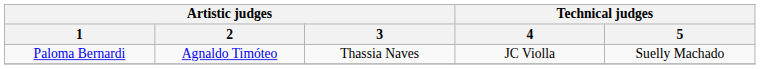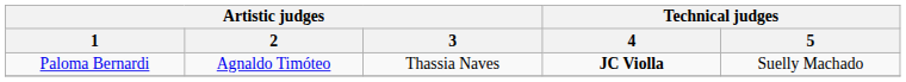 <table class="wikitable" style="font-size:100%; line-height:16px; text-align:center" width="100%">
 <tr>
 <th colspan=3>Artistic judges</th>
 <th colspan=2>Technical judges</th>
 </tr>
 <tr>
 <th>1</th>
 <th>2</th>
 <th>3</th>
 <th>4</th>
 <th>5</th>
 </tr>
 <tr>
 <td width=150><a href='#'>Paloma Bernardi</a></td>
 <td width=150><a href='#'>Agnaldo Timóteo</a></td>
 <td width=150>Thassia Naves</td>
-<td width=150>JC Violla</td>
+<td width=150><strong>JC Violla</strong></td>
 <td width=150>Suelly Machado</td>
 </tr>
 <tr>
 </tr>
 </table>
